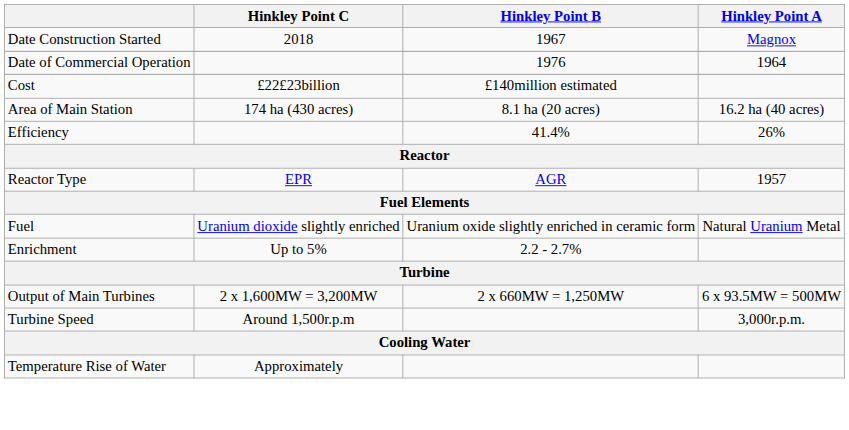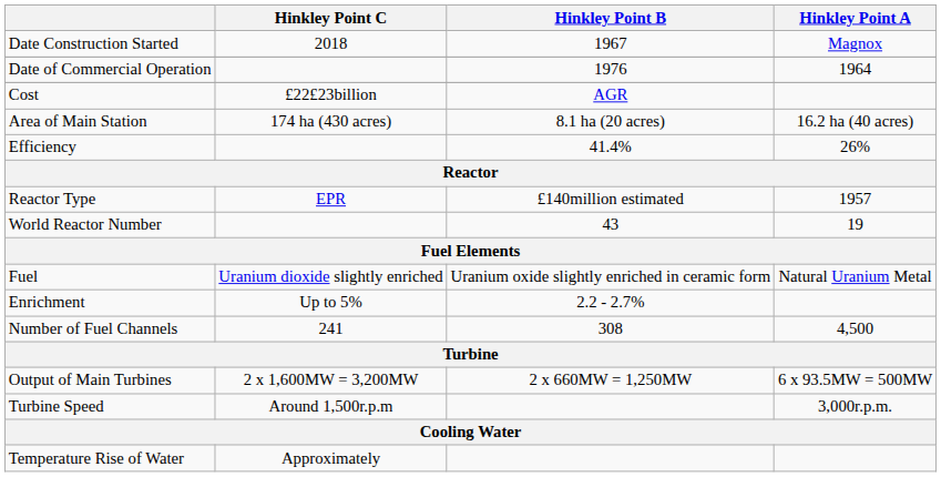 <table class="wikitable">
 <tr>
 <th></th>
 <th>Hinkley Point C</th>
 <th><a href='#'>Hinkley Point B</a><br>   </th>
 <th><a href='#'>Hinkley Point A</a><br> </th>
 </tr>
 <tr>
 <td>Date Construction Started</td>
 <td style="text-align:center;">2018</td>
 <td style="text-align:center;">1967</td>
 <td style="text-align:center;"><a href='#'>Magnox</a></td>
 </tr>
 <tr>
 </tr>
 <tr>
 <td>Date of Commercial Operation</td>
 <td style="text-align:center;"></td>
 <td style="text-align:center;">1976</td>
 <td style="text-align:center;">1964</td>
 </tr>
 <tr>
 </tr>
 <tr>
 <td>Cost</td>
 <td style="text-align:center;">£22£23billion</td>
-<td style="text-align:center;">£140million estimated</td>
+<td style="text-align:center;"><a href='#'>AGR</a></td>
 <td style="text-align:center;"></td>
 </tr>
 <tr>
 <td>Area of Main Station</td>
 <td style="text-align:center;">174 ha (430 acres)</td>
 <td style="text-align:center;">8.1 ha (20 acres)</td>
 <td style="text-align:center;">16.2 ha (40 acres)</td>
 </tr>
 <tr>
 <td>Efficiency</td>
 <td style="text-align:center;"></td>
 <td style="text-align:center;">41.4%</td>
 <td style="text-align:center;">26%</td>
 </tr>
 <tr>
 <th colspan=4>Reactor</th>
 </tr>
 <tr>
 <td>Reactor Type</td>
 <td style="text-align:center;"><a href='#'>EPR</a></td>
-<td style="text-align:center;"><a href='#'>AGR</a></td>
+<td style="text-align:center;">£140million estimated</td>
 <td style="text-align:center;">1957</td>
+</tr>
+<tr>
+<td>World Reactor Number</td>
+<td style="text-align:center;"></td>
+<td style="text-align:center;">43</td>
+<td style="text-align:center;">19</td>
 </tr>
 <tr>
 <th colspan=4>Fuel Elements</th>
 </tr>
 <tr>
 <td>Fuel</td>
 <td style="text-align:center;"><a href='#'>Uranium dioxide</a> slightly enriched</td>
 <td style="text-align:center;">Uranium oxide slightly enriched in ceramic form</td>
 <td style="text-align:center;">Natural <a href='#'>Uranium</a> Metal</td>
 </tr>
 <tr>
 <td>Enrichment</td>
 <td style="text-align:center;">Up to 5%</td>
 <td style="text-align:center;">2.2 - 2.7%</td>
 <td style="text-align:center;"></td>
+</tr>
+<tr>
+<td>Number of Fuel Channels</td>
+<td style="text-align:center;">241</td>
+<td style="text-align:center;">308</td>
+<td style="text-align:center;">4,500</td>
 </tr>
 <tr>
 <th colspan=4>Turbine</th>
 </tr>
 <tr>
 <td>Output of Main Turbines</td>
 <td style="text-align:center;">2 x 1,600MW = 3,200MW</td>
 <td style="text-align:center;">2 x 660MW = 1,250MW</td>
 <td style="text-align:center;">6 x 93.5MW = 500MW</td>
 </tr>
 <tr>
 <td>Turbine Speed</td>
 <td style="text-align:center;">Around 1,500r.p.m</td>
 <td style="text-align:center;"></td>
 <td style="text-align:center;">3,000r.p.m.</td>
 </tr>
 <tr>
 <th colspan=4>Cooling Water</th>
 </tr>
 <tr>
 <td>Temperature Rise of Water</td>
 <td style="text-align:center;">Approximately </td>
 <td style="text-align:center;"></td>
 <td style="text-align:center;"></td>
 </tr>
 </table>
